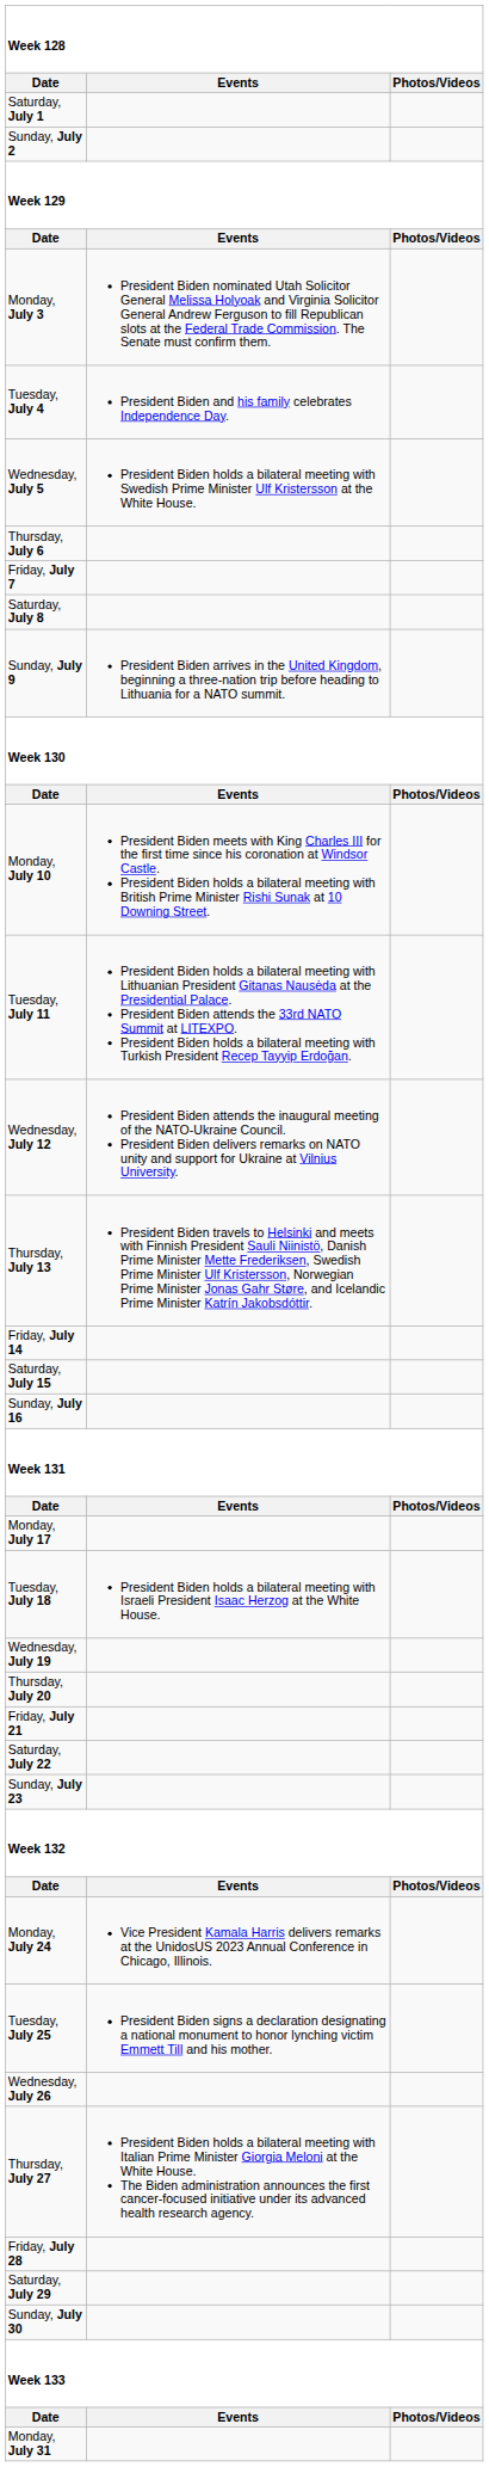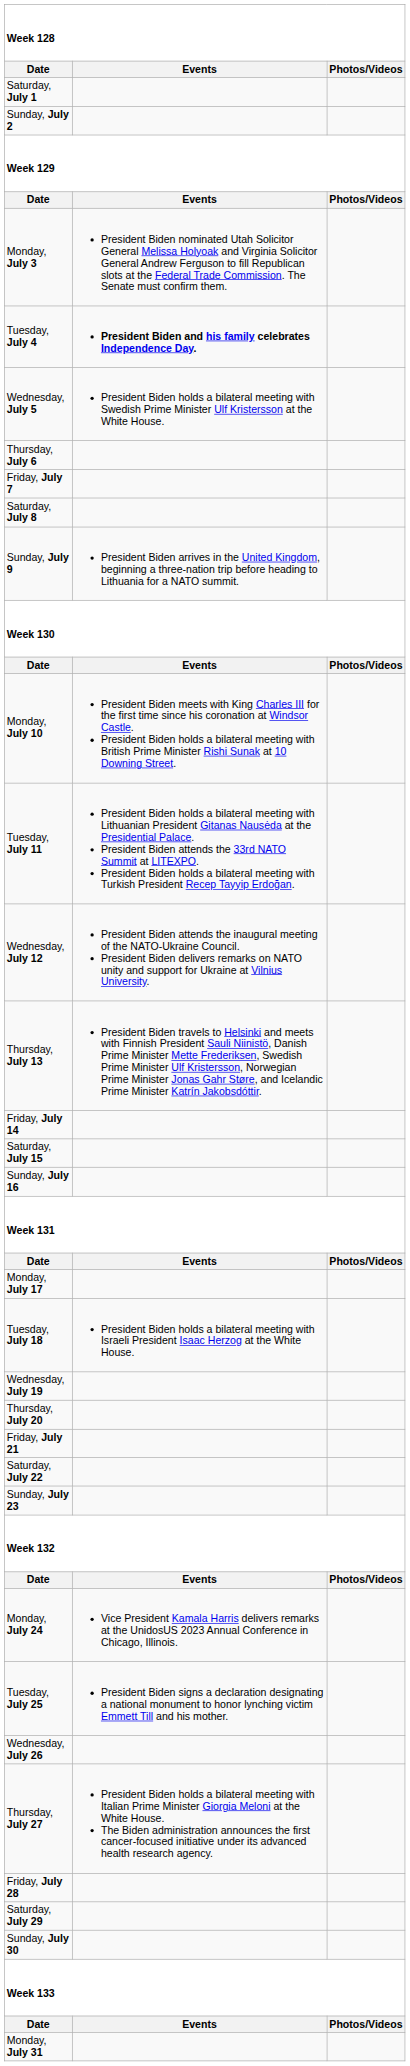 <table class="wikitable">
 <tr style="background:white;">
 <td colspan="3"><br><h4>Week 128</h4></td>
 </tr>
 <tr>
 <th>Date</th>
 <th>Events</th>
 <th>Photos/Videos</th>
 </tr>
 <tr>
 <td>Saturday, <strong>July 1</strong></td>
 <td></td>
 <td></td>
 </tr>
 <tr>
 <td>Sunday, <strong>July 2</strong></td>
 <td></td>
 <td></td>
 </tr>
 <tr style="background:white;">
 <td colspan="3"><br><h4>Week 129</h4></td>
 </tr>
 <tr>
 <th>Date</th>
 <th>Events</th>
 <th>Photos/Videos</th>
 </tr>
 <tr>
 <td>Monday, <strong>July 3</strong></td>
 <td><br><ul><li>President Biden nominated Utah Solicitor General <a href='#'>Melissa Holyoak</a> and Virginia Solicitor General Andrew Ferguson to fill Republican slots at the <a href='#'>Federal Trade Commission</a>. The Senate must confirm them.</li></ul></td>
 <td></td>
 </tr>
 <tr>
 <td>Tuesday, <strong>July 4</strong></td>
-<td><br><ul><li>President Biden and <a href='#'>his family</a> celebrates <a href='#'>Independence Day</a>.</li></ul></td>
+<td><strong><br><ul><li>President Biden and <a href='#'>his family</a> celebrates <a href='#'>Independence Day</a>.</li></ul></strong></td>
 <td></td>
 </tr>
 <tr>
 <td>Wednesday, <strong>July 5</strong></td>
 <td><br><ul><li>President Biden holds a bilateral meeting with Swedish Prime Minister <a href='#'>Ulf Kristersson</a> at the White House.</li></ul></td>
 <td></td>
 </tr>
 <tr>
 <td>Thursday, <strong>July 6</strong></td>
 <td></td>
 <td></td>
 </tr>
 <tr>
 <td>Friday, <strong>July 7</strong></td>
 <td></td>
 <td></td>
 </tr>
 <tr>
 <td>Saturday, <strong>July 8</strong></td>
 <td></td>
 <td></td>
 </tr>
 <tr>
 <td>Sunday, <strong>July 9</strong></td>
 <td><br><ul><li>President Biden arrives in the <a href='#'>United Kingdom</a>, beginning a three-nation trip before heading to Lithuania for a NATO summit.</li></ul></td>
 <td></td>
 </tr>
 <tr style="background:white;">
 <td colspan="3"><br><h4>Week 130</h4></td>
 </tr>
 <tr>
 <th>Date</th>
 <th>Events</th>
 <th>Photos/Videos</th>
 </tr>
 <tr>
 <td>Monday, <strong>July 10</strong></td>
 <td><br><ul><li>President Biden meets with King <a href='#'>Charles III</a> for the first time since his coronation at <a href='#'>Windsor Castle</a>.</li><li>President Biden holds a bilateral meeting with British Prime Minister <a href='#'>Rishi Sunak</a> at <a href='#'>10 Downing Street</a>.</li></ul></td>
 <td><br></td>
 </tr>
 <tr>
 <td>Tuesday, <strong>July 11</strong></td>
 <td><br><ul><li>President Biden holds a bilateral meeting with Lithuanian President <a href='#'>Gitanas Nausėda</a> at the <a href='#'>Presidential Palace</a>.</li><li>President Biden attends the <a href='#'>33rd NATO Summit</a> at <a href='#'>LITEXPO</a>.</li><li>President Biden holds a bilateral meeting with Turkish President <a href='#'>Recep Tayyip Erdoğan</a>.</li></ul></td>
 <td><br></td>
 </tr>
 <tr>
 <td>Wednesday, <strong>July 12</strong></td>
 <td><br><ul><li>President Biden attends the inaugural meeting of the NATO-Ukraine Council.</li><li>President Biden delivers remarks on NATO unity and support for Ukraine at <a href='#'>Vilnius University</a>.</li></ul></td>
 <td></td>
 </tr>
 <tr>
 <td>Thursday, <strong>July 13</strong></td>
 <td><br><ul><li>President Biden travels to <a href='#'>Helsinki</a> and meets with Finnish President <a href='#'>Sauli Niinistö</a>, Danish Prime Minister <a href='#'>Mette Frederiksen</a>, Swedish Prime Minister <a href='#'>Ulf Kristersson</a>, Norwegian Prime Minister <a href='#'>Jonas Gahr Støre</a>, and Icelandic Prime Minister <a href='#'>Katrín Jakobsdóttir</a>.</li></ul></td>
 <td></td>
 </tr>
 <tr>
 <td>Friday, <strong>July 14</strong></td>
 <td></td>
 <td></td>
 </tr>
 <tr>
 <td>Saturday, <strong>July 15</strong></td>
 <td></td>
 <td></td>
 </tr>
 <tr>
 <td>Sunday, <strong>July 16</strong></td>
 <td></td>
 <td></td>
 </tr>
 <tr style="background:white;">
 <td colspan="3"><br><h4>Week 131</h4></td>
 </tr>
 <tr>
 <th>Date</th>
 <th>Events</th>
 <th>Photos/Videos</th>
 </tr>
 <tr>
 <td>Monday, <strong>July 17</strong></td>
 <td></td>
 <td></td>
 </tr>
 <tr>
 <td>Tuesday, <strong>July 18</strong></td>
 <td><br><ul><li>President Biden holds a bilateral meeting with Israeli President <a href='#'>Isaac Herzog</a> at the White House.</li></ul></td>
 <td></td>
 </tr>
 <tr>
 <td>Wednesday, <strong>July 19</strong></td>
 <td></td>
 <td></td>
 </tr>
 <tr>
 <td>Thursday, <strong>July 20</strong></td>
 <td></td>
 <td></td>
 </tr>
 <tr>
 <td>Friday, <strong>July 21</strong></td>
 <td></td>
 <td></td>
 </tr>
 <tr>
 <td>Saturday, <strong>July 22</strong></td>
 <td></td>
 <td></td>
 </tr>
 <tr>
 <td>Sunday, <strong>July 23</strong></td>
 <td></td>
 <td></td>
 </tr>
 <tr style="background:white;">
 <td colspan="3"><br><h4>Week 132</h4></td>
 </tr>
 <tr>
 <th>Date</th>
 <th>Events</th>
 <th>Photos/Videos</th>
 </tr>
 <tr>
 <td>Monday, <strong>July 24</strong></td>
 <td><br><ul><li>Vice President <a href='#'>Kamala Harris</a> delivers remarks at the UnidosUS 2023 Annual Conference in Chicago, Illinois.</li></ul></td>
 <td></td>
 </tr>
 <tr>
 <td>Tuesday, <strong>July 25</strong></td>
 <td><br><ul><li>President Biden signs a declaration designating a national monument to honor lynching victim <a href='#'>Emmett Till</a> and his mother.</li></ul></td>
 <td></td>
 </tr>
 <tr>
 <td>Wednesday, <strong>July 26</strong></td>
 <td></td>
 <td></td>
 </tr>
 <tr>
 <td>Thursday, <strong>July 27</strong></td>
 <td><br><ul><li>President Biden holds a bilateral meeting with Italian Prime Minister <a href='#'>Giorgia Meloni</a> at the White House.</li><li>The Biden administration announces the first cancer-focused initiative under its advanced health research agency.</li></ul></td>
 <td></td>
 </tr>
 <tr>
 <td>Friday, <strong>July 28</strong></td>
 <td></td>
 <td></td>
 </tr>
 <tr>
 <td>Saturday, <strong>July 29</strong></td>
 <td></td>
 <td></td>
 </tr>
 <tr>
 <td>Sunday, <strong>July 30</strong></td>
 <td></td>
 <td></td>
 </tr>
 <tr style="background:white;">
 <td colspan="3"><br><h4>Week 133</h4></td>
 </tr>
 <tr>
 <th>Date</th>
 <th>Events</th>
 <th>Photos/Videos</th>
 </tr>
 <tr>
 <td>Monday, <strong>July 31</strong></td>
 <td></td>
 <td></td>
 </tr>
 </table>
